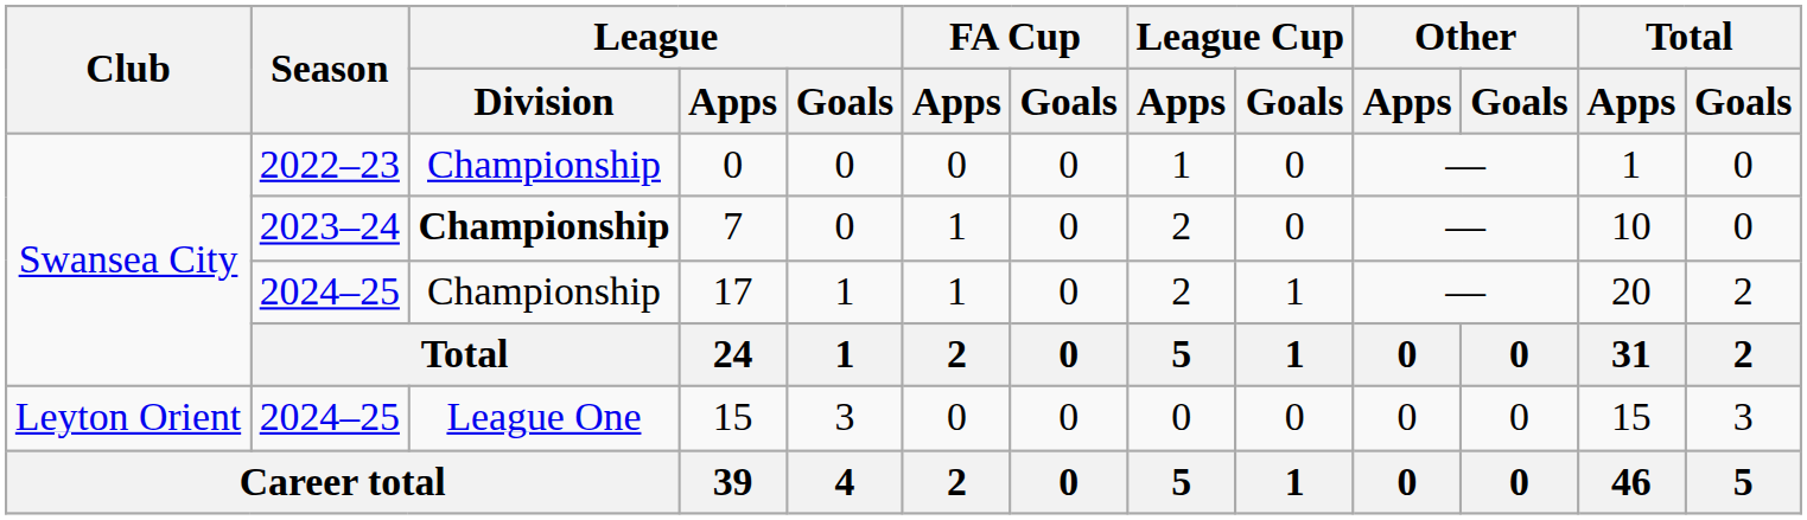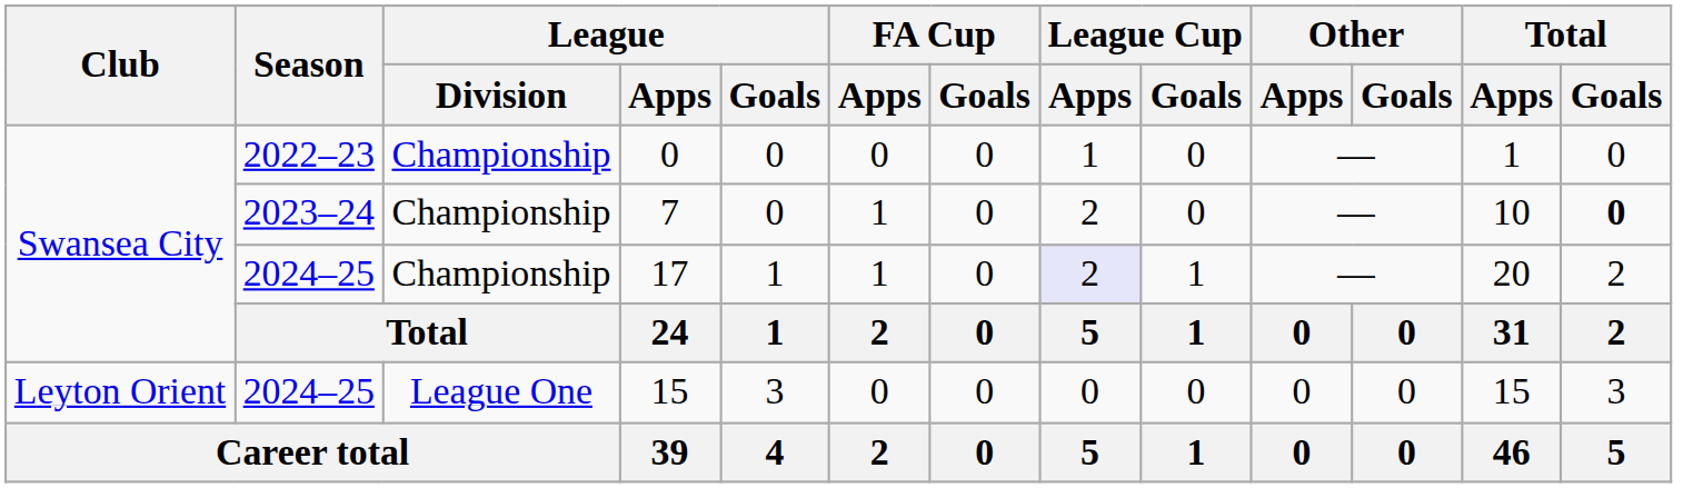 <table class="wikitable" style="text-align: center;">
 <tr>
 <th rowspan="2">Club</th>
 <th rowspan="2">Season</th>
 <th colspan="3">League</th>
 <th colspan="2">FA Cup</th>
 <th colspan="2">League Cup</th>
 <th colspan="2">Other</th>
 <th colspan="2">Total</th>
 </tr>
 <tr>
 <th>Division</th>
 <th>Apps</th>
 <th>Goals</th>
 <th>Apps</th>
 <th>Goals</th>
 <th>Apps</th>
 <th>Goals</th>
 <th>Apps</th>
 <th>Goals</th>
 <th>Apps</th>
 <th>Goals</th>
 </tr>
 <tr>
 <td rowspan=4><a href='#'>Swansea City</a></td>
 <td><a href='#'>2022–23</a></td>
 <td><a href='#'>Championship</a></td>
 <td>0</td>
 <td>0</td>
 <td>0</td>
 <td>0</td>
 <td>1</td>
 <td>0</td>
 <td colspan=2>—</td>
 <td>1</td>
 <td>0</td>
 </tr>
 <tr>
 <td><a href='#'>2023–24</a></td>
-<td><strong>Championship</strong></td>
+<td>Championship</td>
 <td>7</td>
 <td>0</td>
 <td>1</td>
 <td>0</td>
 <td>2</td>
 <td>0</td>
 <td colspan=2>—</td>
 <td>10</td>
-<td>0</td>
+<td><strong>0</strong></td>
 </tr>
 <tr>
 <td><a href='#'>2024–25</a></td>
 <td>Championship</td>
 <td>17</td>
 <td>1</td>
 <td>1</td>
 <td>0</td>
-<td>2</td>
+<td style="background: lavender;">2</td>
 <td>1</td>
 <td colspan=2>—</td>
 <td>20</td>
 <td>2</td>
 </tr>
 <tr>
 <th colspan="2">Total</th>
 <th>24</th>
 <th>1</th>
 <th>2</th>
 <th>0</th>
 <th>5</th>
 <th>1</th>
 <th>0</th>
 <th>0</th>
 <th>31</th>
 <th>2</th>
 </tr>
 <tr>
 <td><a href='#'>Leyton Orient</a></td>
 <td><a href='#'>2024–25</a></td>
 <td><a href='#'>League One</a></td>
 <td>15</td>
 <td>3</td>
 <td>0</td>
 <td>0</td>
 <td>0</td>
 <td>0</td>
 <td>0</td>
 <td>0</td>
 <td>15</td>
 <td>3</td>
 </tr>
 <tr>
 <th colspan="3">Career total</th>
 <th>39</th>
 <th>4</th>
 <th>2</th>
 <th>0</th>
 <th>5</th>
 <th>1</th>
 <th>0</th>
 <th>0</th>
 <th>46</th>
 <th>5</th>
 </tr>
 </table>
